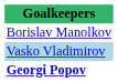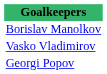 <table class="toccolours" border="0" cellpadding="2" cellspacing="0" align=left style="margin:0.5em;">
 <tr>
 <th colspan="4" align="center" bgcolor="#34B36B"><span>Goalkeepers</span></th>
 </tr>
 <tr>
 <td> <a href='#'>Borislav Manolkov</a></td>
 </tr>
 <tr>
-<td style="background: lightblue;"> <a href='#'>Vasko Vladimirov</a></td>
+<td> <a href='#'>Vasko Vladimirov</a></td>
 </tr>
 <tr>
-<td><strong> <a href='#'>Georgi Popov</a></strong></td>
+<td> <a href='#'>Georgi Popov</a></td>
 </tr>
 <tr>
 </tr>
 </table>
